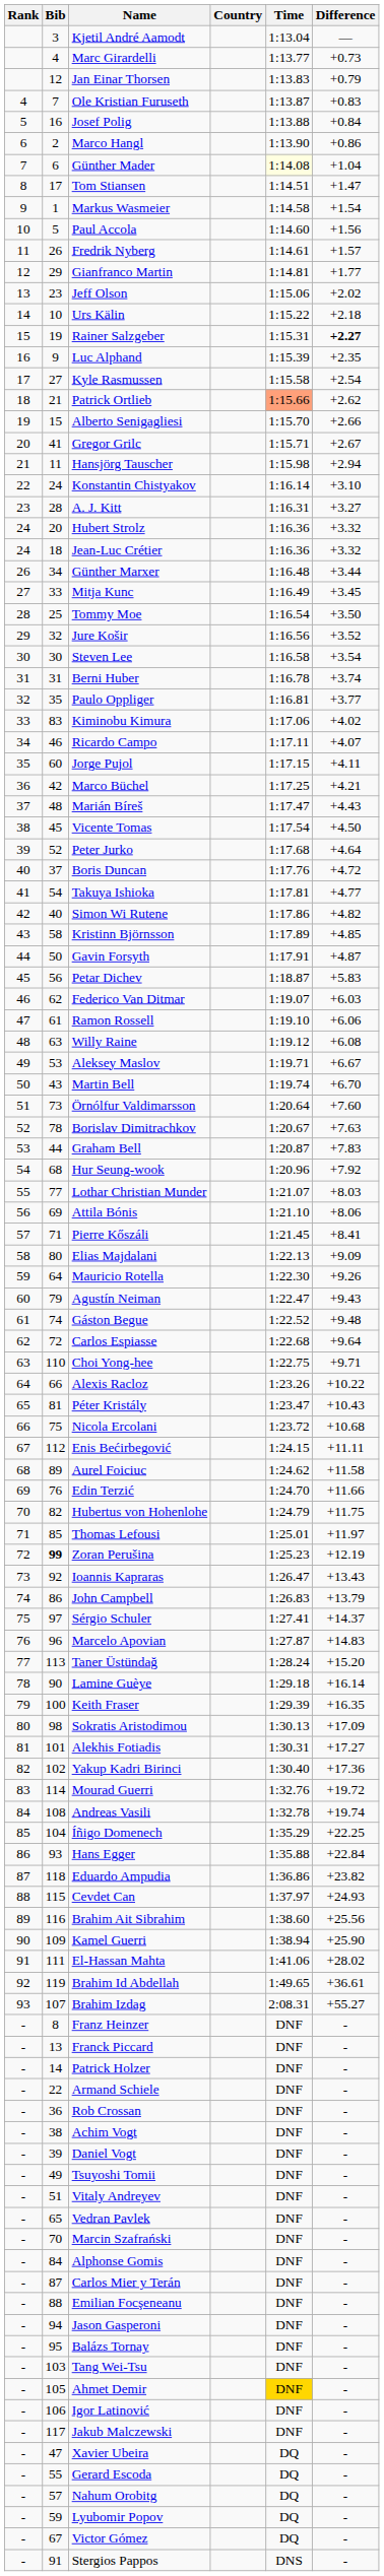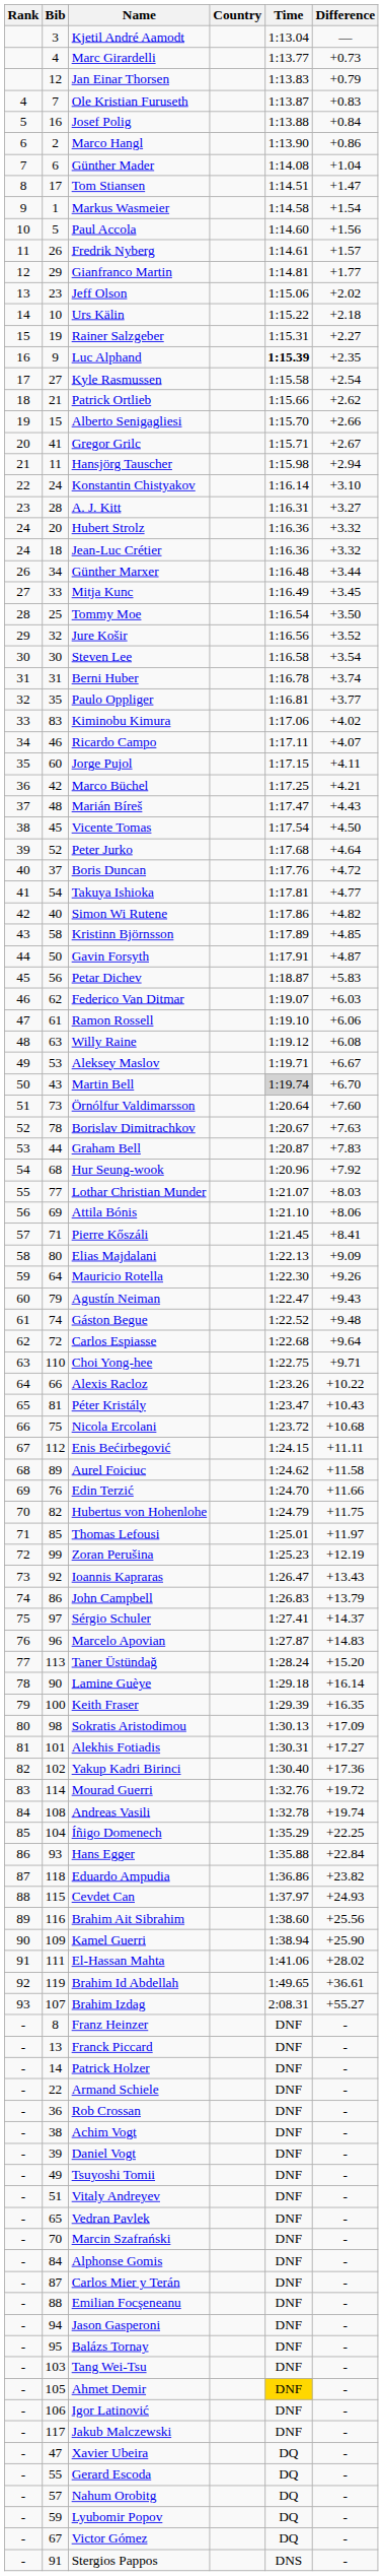 <table class="wikitable sortable" style="text-align:center">
 <tr>
 <th>Rank</th>
 <th>Bib</th>
 <th>Name</th>
 <th>Country</th>
 <th>Time</th>
 <th>Difference</th>
 </tr>
 <tr>
 <td></td>
 <td>3</td>
 <td align=left><a href='#'>Kjetil André Aamodt</a></td>
 <td align=left></td>
 <td>1:13.04</td>
 <td>—</td>
 </tr>
 <tr>
 <td></td>
 <td>4</td>
 <td align=left><a href='#'>Marc Girardelli</a></td>
 <td align=left></td>
 <td>1:13.77</td>
 <td>+0.73</td>
 </tr>
 <tr>
 <td></td>
 <td>12</td>
 <td align=left><a href='#'>Jan Einar Thorsen</a></td>
 <td align=left></td>
 <td>1:13.83</td>
 <td>+0.79</td>
 </tr>
 <tr>
 <td>4</td>
 <td>7</td>
 <td align=left><a href='#'>Ole Kristian Furuseth</a></td>
 <td align=left></td>
 <td>1:13.87</td>
 <td>+0.83</td>
 </tr>
 <tr>
 <td>5</td>
 <td>16</td>
 <td align=left><a href='#'>Josef Polig</a></td>
 <td align=left></td>
 <td>1:13.88</td>
 <td>+0.84</td>
 </tr>
 <tr>
 <td>6</td>
 <td>2</td>
 <td align=left><a href='#'>Marco Hangl</a></td>
 <td align=left></td>
 <td>1:13.90</td>
 <td>+0.86</td>
 </tr>
 <tr>
 <td>7</td>
 <td>6</td>
 <td align=left><a href='#'>Günther Mader</a></td>
 <td align=left></td>
-<td style="background: lightyellow;">1:14.08</td>
+<td>1:14.08</td>
 <td>+1.04</td>
 </tr>
 <tr>
 <td>8</td>
 <td>17</td>
 <td align=left><a href='#'>Tom Stiansen</a></td>
 <td align=left></td>
 <td>1:14.51</td>
 <td>+1.47</td>
 </tr>
 <tr>
 <td>9</td>
 <td>1</td>
 <td align=left><a href='#'>Markus Wasmeier</a></td>
 <td align=left></td>
 <td>1:14.58</td>
 <td>+1.54</td>
 </tr>
 <tr>
 <td>10</td>
 <td>5</td>
 <td align=left><a href='#'>Paul Accola</a></td>
 <td align=left></td>
 <td>1:14.60</td>
 <td>+1.56</td>
 </tr>
 <tr>
 <td>11</td>
 <td>26</td>
 <td align=left><a href='#'>Fredrik Nyberg</a></td>
 <td align=left></td>
 <td>1:14.61</td>
 <td>+1.57</td>
 </tr>
 <tr>
 <td>12</td>
 <td>29</td>
 <td align=left><a href='#'>Gianfranco Martin</a></td>
 <td align=left></td>
 <td>1:14.81</td>
 <td>+1.77</td>
 </tr>
 <tr>
 <td>13</td>
 <td>23</td>
 <td align=left><a href='#'>Jeff Olson</a></td>
 <td align=left></td>
 <td>1:15.06</td>
 <td>+2.02</td>
 </tr>
 <tr>
 <td>14</td>
 <td>10</td>
 <td align=left><a href='#'>Urs Kälin</a></td>
 <td align=left></td>
 <td>1:15.22</td>
 <td>+2.18</td>
 </tr>
 <tr>
 <td>15</td>
 <td>19</td>
 <td align=left><a href='#'>Rainer Salzgeber</a></td>
 <td align=left></td>
 <td>1:15.31</td>
-<td><strong>+2.27</strong></td>
+<td>+2.27</td>
 </tr>
 <tr>
 <td>16</td>
 <td>9</td>
 <td align=left><a href='#'>Luc Alphand</a></td>
 <td align=left></td>
-<td>1:15.39</td>
+<td><strong>1:15.39</strong></td>
 <td>+2.35</td>
 </tr>
 <tr>
 <td>17</td>
 <td>27</td>
 <td align=left><a href='#'>Kyle Rasmussen</a></td>
 <td align=left></td>
 <td>1:15.58</td>
 <td>+2.54</td>
 </tr>
 <tr>
 <td>18</td>
 <td>21</td>
 <td align=left><a href='#'>Patrick Ortlieb</a></td>
 <td align=left></td>
-<td style="background: lightsalmon;">1:15.66</td>
+<td>1:15.66</td>
 <td>+2.62</td>
 </tr>
 <tr>
 <td>19</td>
 <td>15</td>
 <td align=left><a href='#'>Alberto Senigagliesi</a></td>
 <td align=left></td>
 <td>1:15.70</td>
 <td>+2.66</td>
 </tr>
 <tr>
 <td>20</td>
 <td>41</td>
 <td align=left><a href='#'>Gregor Grilc</a></td>
 <td align=left></td>
 <td>1:15.71</td>
 <td>+2.67</td>
 </tr>
 <tr>
 <td>21</td>
 <td>11</td>
 <td align=left><a href='#'>Hansjörg Tauscher</a></td>
 <td align=left></td>
 <td>1:15.98</td>
 <td>+2.94</td>
 </tr>
 <tr>
 <td>22</td>
 <td>24</td>
 <td align=left><a href='#'>Konstantin Chistyakov</a></td>
 <td align=left></td>
 <td>1:16.14</td>
 <td>+3.10</td>
 </tr>
 <tr>
 <td>23</td>
 <td>28</td>
 <td align=left><a href='#'>A. J. Kitt</a></td>
 <td align=left></td>
 <td>1:16.31</td>
 <td>+3.27</td>
 </tr>
 <tr>
 <td>24</td>
 <td>20</td>
 <td align=left><a href='#'>Hubert Strolz</a></td>
 <td align=left></td>
 <td>1:16.36</td>
 <td>+3.32</td>
 </tr>
 <tr>
 <td>24</td>
 <td>18</td>
 <td align=left><a href='#'>Jean-Luc Crétier</a></td>
 <td align=left></td>
 <td>1:16.36</td>
 <td>+3.32</td>
 </tr>
 <tr>
 <td>26</td>
 <td>34</td>
 <td align=left><a href='#'>Günther Marxer</a></td>
 <td align=left></td>
 <td>1:16.48</td>
 <td>+3.44</td>
 </tr>
 <tr>
 <td>27</td>
 <td>33</td>
 <td align=left><a href='#'>Mitja Kunc</a></td>
 <td align=left></td>
 <td>1:16.49</td>
 <td>+3.45</td>
 </tr>
 <tr>
 <td>28</td>
 <td>25</td>
 <td align=left><a href='#'>Tommy Moe</a></td>
 <td align=left></td>
 <td>1:16.54</td>
 <td>+3.50</td>
 </tr>
 <tr>
 <td>29</td>
 <td>32</td>
 <td align=left><a href='#'>Jure Košir</a></td>
 <td align=left></td>
 <td>1:16.56</td>
 <td>+3.52</td>
 </tr>
 <tr>
 <td>30</td>
 <td>30</td>
 <td align=left><a href='#'>Steven Lee</a></td>
 <td align=left></td>
 <td>1:16.58</td>
 <td>+3.54</td>
 </tr>
 <tr>
 <td>31</td>
 <td>31</td>
 <td align=left><a href='#'>Berni Huber</a></td>
 <td align=left></td>
 <td>1:16.78</td>
 <td>+3.74</td>
 </tr>
 <tr>
 <td>32</td>
 <td>35</td>
 <td align=left><a href='#'>Paulo Oppliger</a></td>
 <td align=left></td>
 <td>1:16.81</td>
 <td>+3.77</td>
 </tr>
 <tr>
 <td>33</td>
 <td>83</td>
 <td align=left><a href='#'>Kiminobu Kimura</a></td>
 <td align=left></td>
 <td>1:17.06</td>
 <td>+4.02</td>
 </tr>
 <tr>
 <td>34</td>
 <td>46</td>
 <td align=left><a href='#'>Ricardo Campo</a></td>
 <td align=left></td>
 <td>1:17.11</td>
 <td>+4.07</td>
 </tr>
 <tr>
 <td>35</td>
 <td>60</td>
 <td align=left><a href='#'>Jorge Pujol</a></td>
 <td align=left></td>
 <td>1:17.15</td>
 <td>+4.11</td>
 </tr>
 <tr>
 <td>36</td>
 <td>42</td>
 <td align=left><a href='#'>Marco Büchel</a></td>
 <td align=left></td>
 <td>1:17.25</td>
 <td>+4.21</td>
 </tr>
 <tr>
 <td>37</td>
 <td>48</td>
 <td align=left><a href='#'>Marián Bíreš</a></td>
 <td align=left></td>
 <td>1:17.47</td>
 <td>+4.43</td>
 </tr>
 <tr>
 <td>38</td>
 <td>45</td>
 <td align=left><a href='#'>Vicente Tomas</a></td>
 <td align=left></td>
 <td>1:17.54</td>
 <td>+4.50</td>
 </tr>
 <tr>
 <td>39</td>
 <td>52</td>
 <td align=left><a href='#'>Peter Jurko</a></td>
 <td align=left></td>
 <td>1:17.68</td>
 <td>+4.64</td>
 </tr>
 <tr>
 <td>40</td>
 <td>37</td>
 <td align=left><a href='#'>Boris Duncan</a></td>
 <td align=left></td>
 <td>1:17.76</td>
 <td>+4.72</td>
 </tr>
 <tr>
 <td>41</td>
 <td>54</td>
 <td align=left><a href='#'>Takuya Ishioka</a></td>
 <td align=left></td>
 <td>1:17.81</td>
 <td>+4.77</td>
 </tr>
 <tr>
 <td>42</td>
 <td>40</td>
 <td align=left><a href='#'>Simon Wi Rutene</a></td>
 <td align=left></td>
 <td>1:17.86</td>
 <td>+4.82</td>
 </tr>
 <tr>
 <td>43</td>
 <td>58</td>
 <td align=left><a href='#'>Kristinn Björnsson</a></td>
 <td align=left></td>
 <td>1:17.89</td>
 <td>+4.85</td>
 </tr>
 <tr>
 <td>44</td>
 <td>50</td>
 <td align=left><a href='#'>Gavin Forsyth</a></td>
 <td align=left></td>
 <td>1:17.91</td>
 <td>+4.87</td>
 </tr>
 <tr>
 <td>45</td>
 <td>56</td>
 <td align=left><a href='#'>Petar Dichev</a></td>
 <td align=left></td>
 <td>1:18.87</td>
 <td>+5.83</td>
 </tr>
 <tr>
 <td>46</td>
 <td>62</td>
 <td align=left><a href='#'>Federico Van Ditmar</a></td>
 <td align=left></td>
 <td>1:19.07</td>
 <td>+6.03</td>
 </tr>
 <tr>
 <td>47</td>
 <td>61</td>
 <td align=left><a href='#'>Ramon Rossell</a></td>
 <td align=left></td>
 <td>1:19.10</td>
 <td>+6.06</td>
 </tr>
 <tr>
 <td>48</td>
 <td>63</td>
 <td align=left><a href='#'>Willy Raine</a></td>
 <td align=left></td>
 <td>1:19.12</td>
 <td>+6.08</td>
 </tr>
 <tr>
 <td>49</td>
 <td>53</td>
 <td align=left><a href='#'>Aleksey Maslov</a></td>
 <td align=left></td>
 <td>1:19.71</td>
 <td>+6.67</td>
 </tr>
 <tr>
 <td>50</td>
 <td>43</td>
 <td align=left><a href='#'>Martin Bell</a></td>
 <td align=left></td>
-<td>1:19.74</td>
+<td style="background: lightgrey;">1:19.74</td>
 <td>+6.70</td>
 </tr>
 <tr>
 <td>51</td>
 <td>73</td>
 <td align=left><a href='#'>Örnólfur Valdimarsson</a></td>
 <td align=left></td>
 <td>1:20.64</td>
 <td>+7.60</td>
 </tr>
 <tr>
 <td>52</td>
 <td>78</td>
 <td align=left><a href='#'>Borislav Dimitrachkov</a></td>
 <td align=left></td>
 <td>1:20.67</td>
 <td>+7.63</td>
 </tr>
 <tr>
 <td>53</td>
 <td>44</td>
 <td align=left><a href='#'>Graham Bell</a></td>
 <td align=left></td>
 <td>1:20.87</td>
 <td>+7.83</td>
 </tr>
 <tr>
 <td>54</td>
 <td>68</td>
 <td align=left><a href='#'>Hur Seung-wook</a></td>
 <td align=left></td>
 <td>1:20.96</td>
 <td>+7.92</td>
 </tr>
 <tr>
 <td>55</td>
 <td>77</td>
 <td align=left><a href='#'>Lothar Christian Munder</a></td>
 <td align=left></td>
 <td>1:21.07</td>
 <td>+8.03</td>
 </tr>
 <tr>
 <td>56</td>
 <td>69</td>
 <td align=left><a href='#'>Attila Bónis</a></td>
 <td align=left></td>
 <td>1:21.10</td>
 <td>+8.06</td>
 </tr>
 <tr>
 <td>57</td>
 <td>71</td>
 <td align=left><a href='#'>Pierre Kőszáli</a></td>
 <td align=left></td>
 <td>1:21.45</td>
 <td>+8.41</td>
 </tr>
 <tr>
 <td>58</td>
 <td>80</td>
 <td align=left><a href='#'>Elias Majdalani</a></td>
 <td align=left></td>
 <td>1:22.13</td>
 <td>+9.09</td>
 </tr>
 <tr>
 <td>59</td>
 <td>64</td>
 <td align=left><a href='#'>Mauricio Rotella</a></td>
 <td align=left></td>
 <td>1:22.30</td>
 <td>+9.26</td>
 </tr>
 <tr>
 <td>60</td>
 <td>79</td>
 <td align=left><a href='#'>Agustín Neiman</a></td>
 <td align=left></td>
 <td>1:22.47</td>
 <td>+9.43</td>
 </tr>
 <tr>
 <td>61</td>
 <td>74</td>
 <td align=left><a href='#'>Gáston Begue</a></td>
 <td align=left></td>
 <td>1:22.52</td>
 <td>+9.48</td>
 </tr>
 <tr>
 <td>62</td>
 <td>72</td>
 <td align=left><a href='#'>Carlos Espiasse</a></td>
 <td align=left></td>
 <td>1:22.68</td>
 <td>+9.64</td>
 </tr>
 <tr>
 <td>63</td>
 <td>110</td>
 <td align=left><a href='#'>Choi Yong-hee</a></td>
 <td align=left></td>
 <td>1:22.75</td>
 <td>+9.71</td>
 </tr>
 <tr>
 <td>64</td>
 <td>66</td>
 <td align=left><a href='#'>Alexis Racloz</a></td>
 <td align=left></td>
 <td>1:23.26</td>
 <td>+10.22</td>
 </tr>
 <tr>
 <td>65</td>
 <td>81</td>
 <td align=left><a href='#'>Péter Kristály</a></td>
 <td align=left></td>
 <td>1:23.47</td>
 <td>+10.43</td>
 </tr>
 <tr>
 <td>66</td>
 <td>75</td>
 <td align=left><a href='#'>Nicola Ercolani</a></td>
 <td align=left></td>
 <td>1:23.72</td>
 <td>+10.68</td>
 </tr>
 <tr>
 <td>67</td>
 <td>112</td>
 <td align=left><a href='#'>Enis Bećirbegović</a></td>
 <td align=left></td>
 <td>1:24.15</td>
 <td>+11.11</td>
 </tr>
 <tr>
 <td>68</td>
 <td>89</td>
 <td align=left><a href='#'>Aurel Foiciuc</a></td>
 <td align=left></td>
 <td>1:24.62</td>
 <td>+11.58</td>
 </tr>
 <tr>
 <td>69</td>
 <td>76</td>
 <td align=left><a href='#'>Edin Terzić</a></td>
 <td align=left></td>
 <td>1:24.70</td>
 <td>+11.66</td>
 </tr>
 <tr>
 <td>70</td>
 <td>82</td>
 <td align=left><a href='#'>Hubertus von Hohenlohe</a></td>
 <td align=left></td>
 <td>1:24.79</td>
 <td>+11.75</td>
 </tr>
 <tr>
 <td>71</td>
 <td>85</td>
 <td align=left><a href='#'>Thomas Lefousi</a></td>
 <td align=left></td>
 <td>1:25.01</td>
 <td>+11.97</td>
 </tr>
 <tr>
 <td>72</td>
-<td><strong>99</strong></td>
+<td>99</td>
 <td align=left><a href='#'>Zoran Perušina</a></td>
 <td align=left></td>
 <td>1:25.23</td>
 <td>+12.19</td>
 </tr>
 <tr>
 <td>73</td>
 <td>92</td>
 <td align=left><a href='#'>Ioannis Kapraras</a></td>
 <td align=left></td>
 <td>1:26.47</td>
 <td>+13.43</td>
 </tr>
 <tr>
 <td>74</td>
 <td>86</td>
 <td align=left><a href='#'>John Campbell</a></td>
 <td align=left></td>
 <td>1:26.83</td>
 <td>+13.79</td>
 </tr>
 <tr>
 <td>75</td>
 <td>97</td>
 <td align=left><a href='#'>Sérgio Schuler</a></td>
 <td align=left></td>
 <td>1:27.41</td>
 <td>+14.37</td>
 </tr>
 <tr>
 <td>76</td>
 <td>96</td>
 <td align=left><a href='#'>Marcelo Apovian</a></td>
 <td align=left></td>
 <td>1:27.87</td>
 <td>+14.83</td>
 </tr>
 <tr>
 <td>77</td>
 <td>113</td>
 <td align=left><a href='#'>Taner Üstündağ</a></td>
 <td align=left></td>
 <td>1:28.24</td>
 <td>+15.20</td>
 </tr>
 <tr>
 <td>78</td>
 <td>90</td>
 <td align=left><a href='#'>Lamine Guèye</a></td>
 <td align=left></td>
 <td>1:29.18</td>
 <td>+16.14</td>
 </tr>
 <tr>
 <td>79</td>
 <td>100</td>
 <td align=left><a href='#'>Keith Fraser</a></td>
 <td align=left></td>
 <td>1:29.39</td>
 <td>+16.35</td>
 </tr>
 <tr>
 <td>80</td>
 <td>98</td>
 <td align=left><a href='#'>Sokratis Aristodimou</a></td>
 <td align=left></td>
 <td>1:30.13</td>
 <td>+17.09</td>
 </tr>
 <tr>
 <td>81</td>
 <td>101</td>
 <td align=left><a href='#'>Alekhis Fotiadis</a></td>
 <td align=left></td>
 <td>1:30.31</td>
 <td>+17.27</td>
 </tr>
 <tr>
 <td>82</td>
 <td>102</td>
 <td align=left><a href='#'>Yakup Kadri Birinci</a></td>
 <td align=left></td>
 <td>1:30.40</td>
 <td>+17.36</td>
 </tr>
 <tr>
 <td>83</td>
 <td>114</td>
 <td align=left><a href='#'>Mourad Guerri</a></td>
 <td align=left></td>
 <td>1:32.76</td>
 <td>+19.72</td>
 </tr>
 <tr>
 <td>84</td>
 <td>108</td>
 <td align=left><a href='#'>Andreas Vasili</a></td>
 <td align=left></td>
 <td>1:32.78</td>
 <td>+19.74</td>
 </tr>
 <tr>
 <td>85</td>
 <td>104</td>
 <td align=left><a href='#'>Íñigo Domenech</a></td>
 <td align=left></td>
 <td>1:35.29</td>
 <td>+22.25</td>
 </tr>
 <tr>
 <td>86</td>
 <td>93</td>
 <td align=left><a href='#'>Hans Egger</a></td>
 <td align=left></td>
 <td>1:35.88</td>
 <td>+22.84</td>
 </tr>
 <tr>
 <td>87</td>
 <td>118</td>
 <td align=left><a href='#'>Eduardo Ampudia</a></td>
 <td align=left></td>
 <td>1:36.86</td>
 <td>+23.82</td>
 </tr>
 <tr>
 <td>88</td>
 <td>115</td>
 <td align=left><a href='#'>Cevdet Can</a></td>
 <td align=left></td>
 <td>1:37.97</td>
 <td>+24.93</td>
 </tr>
 <tr>
 <td>89</td>
 <td>116</td>
 <td align=left><a href='#'>Brahim Ait Sibrahim</a></td>
 <td align=left></td>
 <td>1:38.60</td>
 <td>+25.56</td>
 </tr>
 <tr>
 <td>90</td>
 <td>109</td>
 <td align=left><a href='#'>Kamel Guerri</a></td>
 <td align=left></td>
 <td>1:38.94</td>
 <td>+25.90</td>
 </tr>
 <tr>
 <td>91</td>
 <td>111</td>
 <td align=left><a href='#'>El-Hassan Mahta</a></td>
 <td align=left></td>
 <td>1:41.06</td>
 <td>+28.02</td>
 </tr>
 <tr>
 <td>92</td>
 <td>119</td>
 <td align=left><a href='#'>Brahim Id Abdellah</a></td>
 <td align=left></td>
 <td>1:49.65</td>
 <td>+36.61</td>
 </tr>
 <tr>
 <td>93</td>
 <td>107</td>
 <td align=left><a href='#'>Brahim Izdag</a></td>
 <td align=left></td>
 <td>2:08.31</td>
 <td>+55.27</td>
 </tr>
 <tr>
 <td>-</td>
 <td>8</td>
 <td align=left><a href='#'>Franz Heinzer</a></td>
 <td align=left></td>
 <td>DNF</td>
 <td>-</td>
 </tr>
 <tr>
 <td>-</td>
 <td>13</td>
 <td align=left><a href='#'>Franck Piccard</a></td>
 <td align=left></td>
 <td>DNF</td>
 <td>-</td>
 </tr>
 <tr>
 <td>-</td>
 <td>14</td>
 <td align=left><a href='#'>Patrick Holzer</a></td>
 <td align=left></td>
 <td>DNF</td>
 <td>-</td>
 </tr>
 <tr>
 <td>-</td>
 <td>22</td>
 <td align=left><a href='#'>Armand Schiele</a></td>
 <td align=left></td>
 <td>DNF</td>
 <td>-</td>
 </tr>
 <tr>
 <td>-</td>
 <td>36</td>
 <td align=left><a href='#'>Rob Crossan</a></td>
 <td align=left></td>
 <td>DNF</td>
 <td>-</td>
 </tr>
 <tr>
 <td>-</td>
 <td>38</td>
 <td align=left><a href='#'>Achim Vogt</a></td>
 <td align=left></td>
 <td>DNF</td>
 <td>-</td>
 </tr>
 <tr>
 <td>-</td>
 <td>39</td>
 <td align=left><a href='#'>Daniel Vogt</a></td>
 <td align=left></td>
 <td>DNF</td>
 <td>-</td>
 </tr>
 <tr>
 <td>-</td>
 <td>49</td>
 <td align=left><a href='#'>Tsuyoshi Tomii</a></td>
 <td align=left></td>
 <td>DNF</td>
 <td>-</td>
 </tr>
 <tr>
 <td>-</td>
 <td>51</td>
 <td align=left><a href='#'>Vitaly Andreyev</a></td>
 <td align=left></td>
 <td>DNF</td>
 <td>-</td>
 </tr>
 <tr>
 <td>-</td>
 <td>65</td>
 <td align=left><a href='#'>Vedran Pavlek</a></td>
 <td align=left></td>
 <td>DNF</td>
 <td>-</td>
 </tr>
 <tr>
 <td>-</td>
 <td>70</td>
 <td align=left><a href='#'>Marcin Szafrański</a></td>
 <td align=left></td>
 <td>DNF</td>
 <td>-</td>
 </tr>
 <tr>
 <td>-</td>
 <td>84</td>
 <td align=left><a href='#'>Alphonse Gomis</a></td>
 <td align=left></td>
 <td>DNF</td>
 <td>-</td>
 </tr>
 <tr>
 <td>-</td>
 <td>87</td>
 <td align=left><a href='#'>Carlos Mier y Terán</a></td>
 <td align=left></td>
 <td>DNF</td>
 <td>-</td>
 </tr>
 <tr>
 <td>-</td>
 <td>88</td>
 <td align=left><a href='#'>Emilian Focşeneanu</a></td>
 <td align=left></td>
 <td>DNF</td>
 <td>-</td>
 </tr>
 <tr>
 <td>-</td>
 <td>94</td>
 <td align=left><a href='#'>Jason Gasperoni</a></td>
 <td align=left></td>
 <td>DNF</td>
 <td>-</td>
 </tr>
 <tr>
 <td>-</td>
 <td>95</td>
 <td align=left><a href='#'>Balázs Tornay</a></td>
 <td align=left></td>
 <td>DNF</td>
 <td>-</td>
 </tr>
 <tr>
 <td>-</td>
 <td>103</td>
 <td align=left><a href='#'>Tang Wei-Tsu</a></td>
 <td align=left></td>
 <td>DNF</td>
 <td>-</td>
 </tr>
 <tr>
 <td>-</td>
 <td>105</td>
 <td align=left><a href='#'>Ahmet Demir</a></td>
 <td align=left></td>
 <td style="background: gold;">DNF</td>
 <td>-</td>
 </tr>
 <tr>
 <td>-</td>
 <td>106</td>
 <td align=left><a href='#'>Igor Latinović</a></td>
 <td align=left></td>
 <td>DNF</td>
 <td>-</td>
 </tr>
 <tr>
 <td>-</td>
 <td>117</td>
 <td align=left><a href='#'>Jakub Malczewski</a></td>
 <td align=left></td>
 <td>DNF</td>
 <td>-</td>
 </tr>
 <tr>
 <td>-</td>
 <td>47</td>
 <td align=left><a href='#'>Xavier Ubeira</a></td>
 <td align=left></td>
 <td>DQ</td>
 <td>-</td>
 </tr>
 <tr>
 <td>-</td>
 <td>55</td>
 <td align=left><a href='#'>Gerard Escoda</a></td>
 <td align=left></td>
 <td>DQ</td>
 <td>-</td>
 </tr>
 <tr>
 <td>-</td>
 <td>57</td>
 <td align=left><a href='#'>Nahum Orobitg</a></td>
 <td align=left></td>
 <td>DQ</td>
 <td>-</td>
 </tr>
 <tr>
 <td>-</td>
 <td>59</td>
 <td align=left><a href='#'>Lyubomir Popov</a></td>
 <td align=left></td>
 <td>DQ</td>
 <td>-</td>
 </tr>
 <tr>
 <td>-</td>
 <td>67</td>
 <td align=left><a href='#'>Victor Gómez</a></td>
 <td align=left></td>
 <td>DQ</td>
 <td>-</td>
 </tr>
 <tr>
 <td>-</td>
 <td>91</td>
 <td align=left>Stergios Pappos</td>
 <td align=left></td>
 <td>DNS</td>
 <td>-</td>
 </tr>
 </table>
